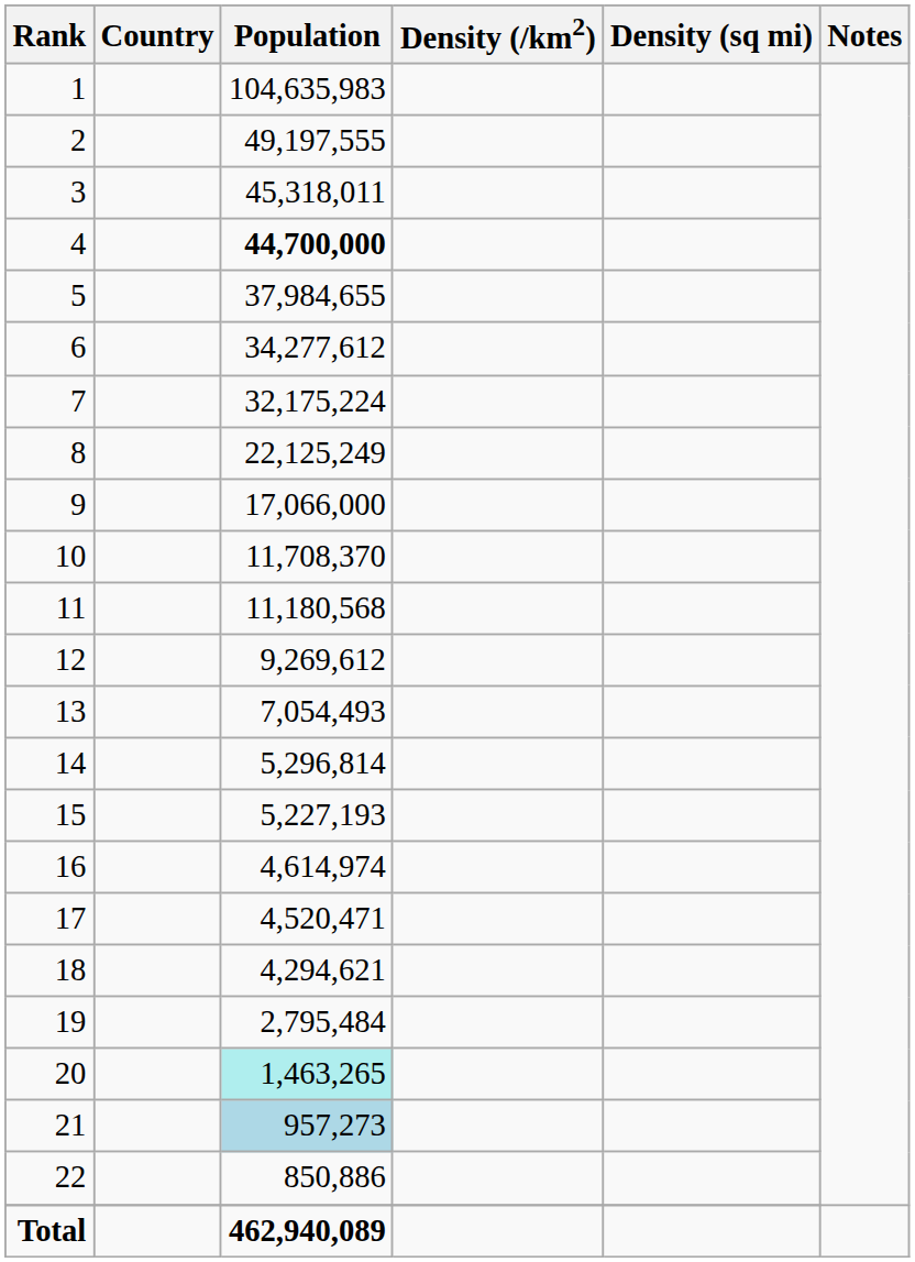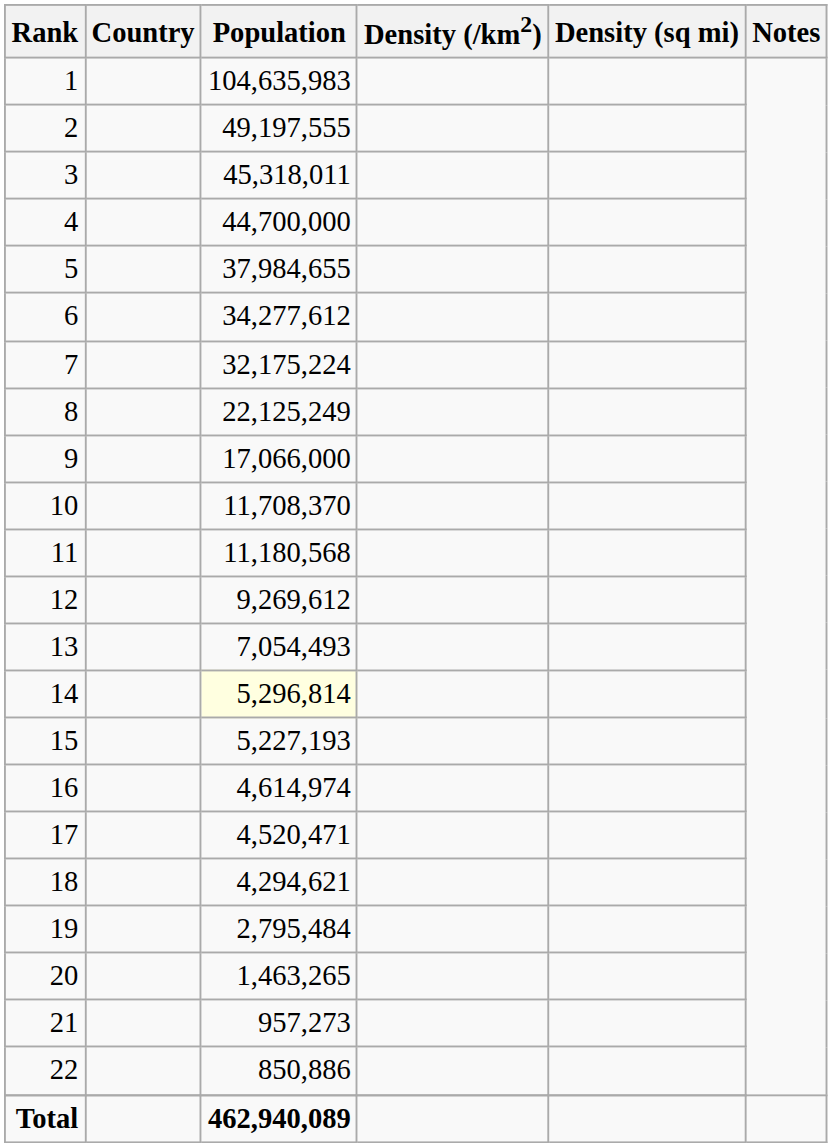 <table style="font-size:95%; text-align:right;" class="wikitable sortable">
 <tr>
 <th>Rank</th>
 <th>Country</th>
 <th>Population</th>
 <th>Density (/km<sup>2</sup>)</th>
 <th>Density (sq mi)</th>
 <th>Notes</th>
 </tr>
 <tr>
 <td>1</td>
 <td align=left></td>
 <td>104,635,983</td>
 <td></td>
 <td align=left></td>
 </tr>
 <tr>
 <td>2</td>
 <td align=left></td>
 <td>49,197,555</td>
 <td></td>
 <td align=left></td>
 </tr>
 <tr>
 <td>3</td>
 <td align=left></td>
 <td>45,318,011</td>
 <td></td>
 <td align=left></td>
 </tr>
 <tr>
 <td>4</td>
 <td align=left></td>
-<td><strong>44,700,000</strong></td>
+<td>44,700,000</td>
 <td></td>
 <td align=left></td>
 </tr>
 <tr>
 <td>5</td>
 <td align=left></td>
 <td>37,984,655</td>
 <td></td>
 <td align=left></td>
 </tr>
 <tr>
 <td>6</td>
 <td align=left></td>
 <td>34,277,612</td>
 <td></td>
 <td align=left></td>
 </tr>
 <tr>
 <td>7</td>
 <td align=left></td>
 <td>32,175,224</td>
 <td></td>
 <td align=left></td>
 </tr>
 <tr>
 <td>8</td>
 <td align=left></td>
 <td>22,125,249</td>
 <td></td>
 <td align=left></td>
 </tr>
 <tr>
 <td>9</td>
 <td align=left></td>
 <td>17,066,000</td>
 <td></td>
 <td align=left></td>
 </tr>
 <tr>
 <td>10</td>
 <td align=left></td>
 <td>11,708,370</td>
 <td></td>
 <td align=left></td>
 </tr>
 <tr>
 <td>11</td>
 <td align=left></td>
 <td>11,180,568</td>
 <td></td>
 <td align=left></td>
 </tr>
 <tr>
 <td>12</td>
 <td align=left></td>
 <td>9,269,612</td>
 <td></td>
 <td align=left></td>
 </tr>
 <tr>
 <td>13</td>
 <td align=left></td>
 <td>7,054,493</td>
 <td></td>
 <td align=left></td>
 </tr>
 <tr>
 <td>14</td>
 <td align=left></td>
-<td>5,296,814</td>
+<td style="background: lightyellow;">5,296,814</td>
 <td></td>
 <td align=left></td>
 </tr>
 <tr>
 <td>15</td>
 <td align=left></td>
 <td>5,227,193</td>
 <td></td>
 <td align=left></td>
 </tr>
 <tr>
 <td>16</td>
 <td align=left></td>
 <td>4,614,974</td>
 <td></td>
 <td align=left></td>
 </tr>
 <tr>
 <td>17</td>
 <td align=left></td>
 <td>4,520,471</td>
 <td></td>
 <td align=left></td>
 </tr>
 <tr>
 <td>18</td>
 <td align=left></td>
 <td>4,294,621</td>
 <td></td>
 <td align=left></td>
 </tr>
 <tr>
 <td>19</td>
 <td align=left></td>
 <td>2,795,484</td>
 <td></td>
 <td align=left></td>
 </tr>
 <tr>
 <td>20</td>
 <td align=left></td>
-<td style="background: paleturquoise;">1,463,265</td>
+<td>1,463,265</td>
 <td></td>
 <td align=left></td>
 </tr>
 <tr>
 <td>21</td>
 <td align=left></td>
-<td style="background: lightblue;">957,273</td>
+<td>957,273</td>
 <td></td>
 <td align=left></td>
 </tr>
 <tr>
 <td>22</td>
 <td align=left></td>
 <td>850,886</td>
 <td></td>
 <td align=left></td>
 </tr>
 <tr>
 </tr>
 <tr class="sortbottom">
 <td><strong>Total</strong></td>
 <td align=left></td>
 <td><strong> 462,940,089 </strong></td>
 <td><strong></strong></td>
 <td><strong></strong></td>
 <td></td>
 </tr>
 </table>
